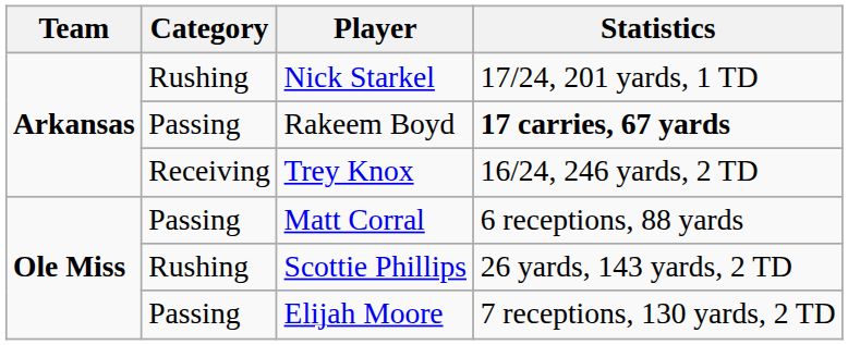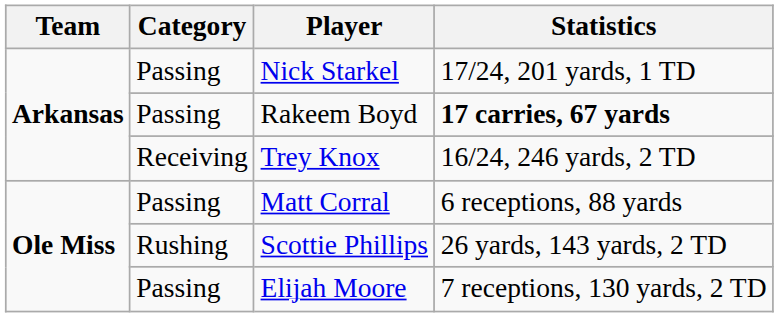 <table class="wikitable" style="float: right;">
 <tr>
 <th>Team</th>
 <th>Category</th>
 <th>Player</th>
 <th>Statistics</th>
 </tr>
 <tr>
 <td rowspan=3><strong>Arkansas</strong></td>
-<td>Rushing</td>
+<td>Passing</td>
 <td><a href='#'>Nick Starkel</a></td>
 <td>17/24, 201 yards, 1 TD</td>
 </tr>
 <tr>
 <td>Passing</td>
 <td>Rakeem Boyd</td>
 <td><strong>17 carries, 67 yards</strong></td>
 </tr>
 <tr>
 <td>Receiving</td>
 <td><a href='#'>Trey Knox</a></td>
 <td>16/24, 246 yards, 2 TD</td>
 </tr>
 <tr>
 <td rowspan=3><strong>Ole Miss</strong></td>
 <td>Passing</td>
 <td><a href='#'>Matt Corral</a></td>
 <td>6 receptions, 88 yards</td>
 </tr>
 <tr>
 <td>Rushing</td>
 <td><a href='#'>Scottie Phillips</a></td>
 <td>26 yards, 143 yards, 2 TD</td>
 </tr>
 <tr>
 <td>Passing</td>
 <td><a href='#'>Elijah Moore</a></td>
 <td>7 receptions, 130 yards, 2 TD</td>
 </tr>
 </table>
